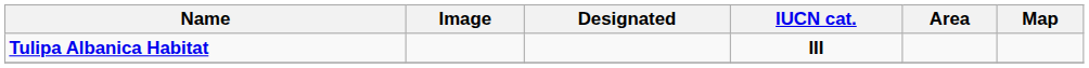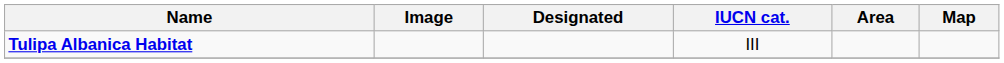 <table class="wikitable sortable"; width="75%">
 <tr>
 <th>Name</th>
 <th class="unsortable">Image</th>
 <th>Designated</th>
 <th><a href='#'>IUCN cat.</a></th>
 <th>Area</th>
 <th class="unsortable">Map</th>
 </tr>
 <tr>
 <td><strong><a href='#'>Tulipa Albanica Habitat</a></strong></td>
 <td align="center"></td>
 <td></td>
-<td align="center"><strong>III</strong></td>
+<td align="center">III</td>
 <td></td>
 <td></td>
 </tr>
 <tr>
 </tr>
 </table>
